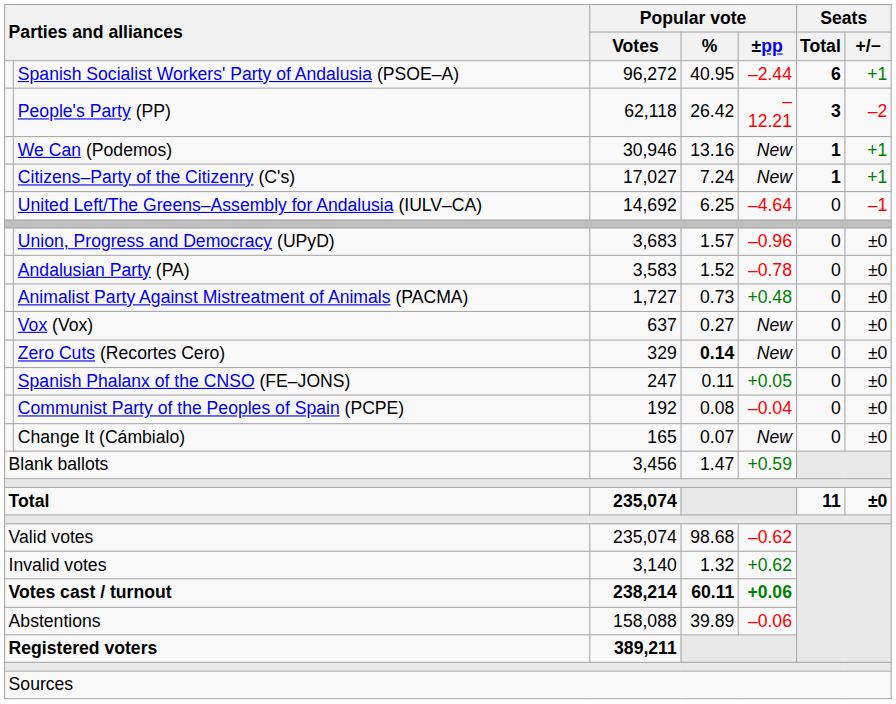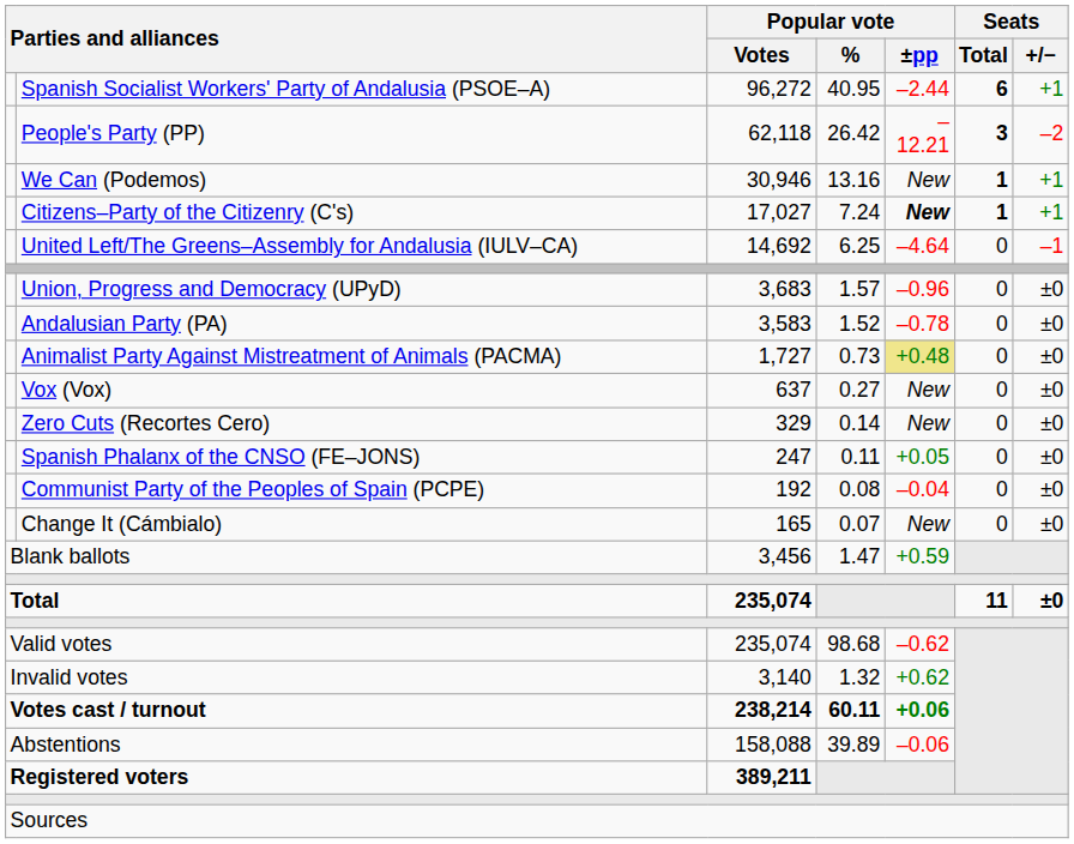 <table class="wikitable" style="text-align:right;">
 <tr>
 <th style="text-align:left;" rowspan="2" colspan="2" width="525">Parties and alliances</th>
 <th colspan="3">Popular vote</th>
 <th colspan="2">Seats</th>
 </tr>
 <tr>
 <th width="75">Votes</th>
 <th width="45">%</th>
 <th width="45">±<a href='#'>pp</a></th>
 <th width="35">Total</th>
 <th width="35">+/−</th>
 </tr>
 <tr>
 <td width="1" style="color:inherit;background:"></td>
 <td align="left"><a href='#'>Spanish Socialist Workers' Party of Andalusia</a> (PSOE–A)</td>
 <td>96,272</td>
 <td>40.95</td>
 <td style="color:red;">–2.44</td>
 <td><strong>6</strong></td>
 <td style="color:green;">+1</td>
 </tr>
 <tr>
 <td style="color:inherit;background:"></td>
 <td align="left"><a href='#'>People's Party</a> (PP)</td>
 <td>62,118</td>
 <td>26.42</td>
 <td style="color:red;">–12.21</td>
 <td><strong>3</strong></td>
 <td style="color:red;">–2</td>
 </tr>
 <tr>
 <td style="color:inherit;background:"></td>
 <td align="left"><a href='#'>We Can</a> (Podemos)</td>
 <td>30,946</td>
 <td>13.16</td>
 <td><em>New</em></td>
 <td><strong>1</strong></td>
 <td style="color:green;">+1</td>
 </tr>
 <tr>
 <td style="color:inherit;background:"></td>
 <td align="left"><a href='#'>Citizens–Party of the Citizenry</a> (C's)</td>
 <td>17,027</td>
 <td>7.24</td>
-<td><em>New</em></td>
+<td><strong><em>New</em></strong></td>
 <td><strong>1</strong></td>
 <td style="color:green;">+1</td>
 </tr>
 <tr>
 <td style="color:inherit;background:"></td>
 <td align="left"><a href='#'>United Left/The Greens–Assembly for Andalusia</a> (IULV–CA)</td>
 <td>14,692</td>
 <td>6.25</td>
 <td style="color:red;">–4.64</td>
 <td>0</td>
 <td style="color:red;">–1</td>
 </tr>
 <tr>
 <td colspan="7" bgcolor="#C0C0C0"></td>
 </tr>
 <tr>
 <td style="color:inherit;background:"></td>
 <td align="left"><a href='#'>Union, Progress and Democracy</a> (UPyD)</td>
 <td>3,683</td>
 <td>1.57</td>
 <td style="color:red;">–0.96</td>
 <td>0</td>
 <td>±0</td>
 </tr>
 <tr>
 <td style="color:inherit;background:"></td>
 <td align="left"><a href='#'>Andalusian Party</a> (PA)</td>
 <td>3,583</td>
 <td>1.52</td>
 <td style="color:red;">–0.78</td>
 <td>0</td>
 <td>±0</td>
 </tr>
 <tr>
 <td style="color:inherit;background:"></td>
 <td align="left"><a href='#'>Animalist Party Against Mistreatment of Animals</a> (PACMA)</td>
 <td>1,727</td>
 <td>0.73</td>
-<td style="color:green;">+0.48</td>
+<td style="background: khaki; color:green;">+0.48</td>
 <td>0</td>
 <td>±0</td>
 </tr>
 <tr>
 <td style="color:inherit;background:"></td>
 <td align="left"><a href='#'>Vox</a> (Vox)</td>
 <td>637</td>
 <td>0.27</td>
 <td><em>New</em></td>
 <td>0</td>
 <td>±0</td>
 </tr>
 <tr>
 <td style="color:inherit;background:"></td>
 <td align="left"><a href='#'>Zero Cuts</a> (Recortes Cero)</td>
 <td>329</td>
-<td><strong>0.14</strong></td>
+<td>0.14</td>
 <td><em>New</em></td>
 <td>0</td>
 <td>±0</td>
 </tr>
 <tr>
 <td style="color:inherit;background:"></td>
 <td align="left"><a href='#'>Spanish Phalanx of the CNSO</a> (FE–JONS)</td>
 <td>247</td>
 <td>0.11</td>
 <td style="color:green;">+0.05</td>
 <td>0</td>
 <td>±0</td>
 </tr>
 <tr>
 <td style="color:inherit;background:"></td>
 <td align="left"><a href='#'>Communist Party of the Peoples of Spain</a> (PCPE)</td>
 <td>192</td>
 <td>0.08</td>
 <td style="color:red;">–0.04</td>
 <td>0</td>
 <td>±0</td>
 </tr>
 <tr>
 <td style="color:inherit;background:"></td>
 <td align="left">Change It (Cámbialo)</td>
 <td>165</td>
 <td>0.07</td>
 <td><em>New</em></td>
 <td>0</td>
 <td>±0</td>
 </tr>
 <tr>
 <td align="left" colspan="2">Blank ballots</td>
 <td>3,456</td>
 <td>1.47</td>
 <td style="color:green;">+0.59</td>
 <td bgcolor="#E9E9E9" colspan="2"></td>
 </tr>
 <tr>
 <td colspan="7" bgcolor="#E9E9E9"></td>
 </tr>
 <tr style="font-weight:bold;">
 <td align="left" colspan="2">Total</td>
 <td>235,074</td>
 <td bgcolor="#E9E9E9" colspan="2"></td>
 <td>11</td>
 <td>±0</td>
 </tr>
 <tr>
 <td colspan="7" bgcolor="#E9E9E9"></td>
 </tr>
 <tr>
 <td align="left" colspan="2">Valid votes</td>
 <td>235,074</td>
 <td>98.68</td>
 <td style="color:red;">–0.62</td>
 <td bgcolor="#E9E9E9" colspan="2" rowspan="5"></td>
 </tr>
 <tr>
 <td align="left" colspan="2">Invalid votes</td>
 <td>3,140</td>
 <td>1.32</td>
 <td style="color:green;">+0.62</td>
 </tr>
 <tr style="font-weight:bold;">
 <td align="left" colspan="2">Votes cast / turnout</td>
 <td>238,214</td>
 <td>60.11</td>
 <td style="color:green;">+0.06</td>
 </tr>
 <tr>
 <td align="left" colspan="2">Abstentions</td>
 <td>158,088</td>
 <td>39.89</td>
 <td style="color:red;">–0.06</td>
 </tr>
 <tr style="font-weight:bold;">
 <td align="left" colspan="2">Registered voters</td>
 <td>389,211</td>
 <td style="background:#e9e9e9;" colspan="2"></td>
 </tr>
 <tr>
 <td colspan="7" bgcolor="#E9E9E9"></td>
 </tr>
 <tr>
 <td align="left" colspan="7">Sources</td>
 </tr>
 </table>
